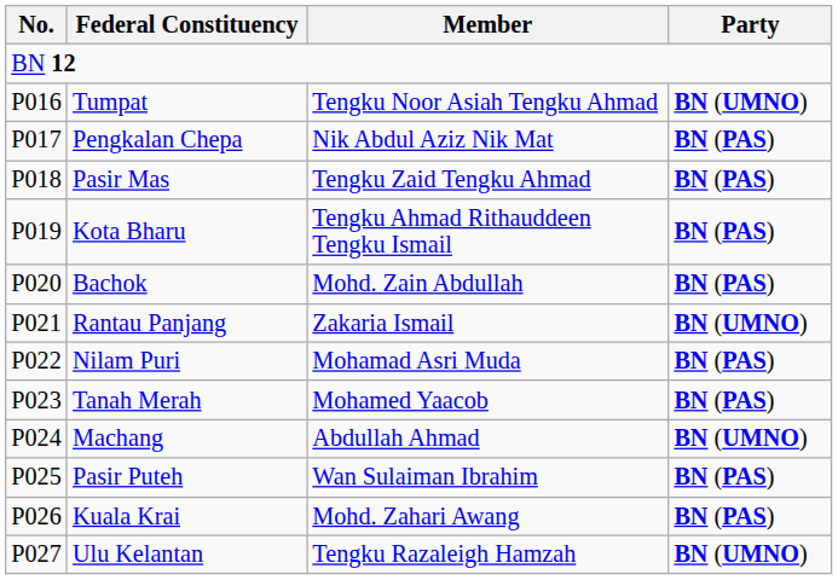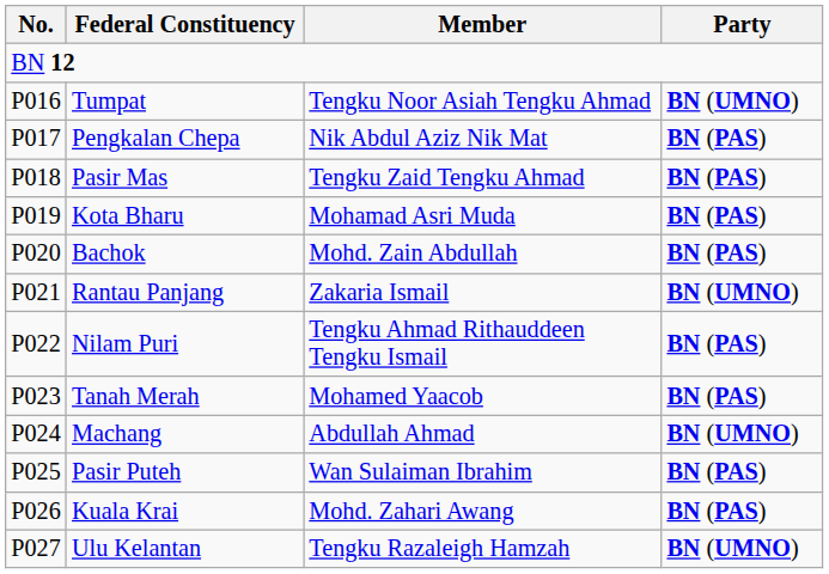 <table class="wikitable sortable">
 <tr>
 <th style="width:30px;">No.</th>
 <th style="width:150px;">Federal Constituency</th>
 <th style="width:230px;">Member</th>
 <th style="width:100px;">Party</th>
 </tr>
 <tr>
 <td colspan="4"><a href='#'>BN</a> <strong>12</strong></td>
 </tr>
 <tr>
 <td>P016</td>
 <td><a href='#'>Tumpat</a></td>
 <td><a href='#'>Tengku Noor Asiah Tengku Ahmad</a></td>
 <td><strong><a href='#'>BN</a></strong> (<strong><a href='#'>UMNO</a></strong>)</td>
 </tr>
 <tr>
 <td>P017</td>
 <td><a href='#'>Pengkalan Chepa</a></td>
 <td><a href='#'>Nik Abdul Aziz Nik Mat</a></td>
 <td><strong><a href='#'>BN</a></strong> (<strong><a href='#'>PAS</a></strong>)</td>
 </tr>
 <tr>
 <td>P018</td>
 <td><a href='#'>Pasir Mas</a></td>
 <td><a href='#'>Tengku Zaid Tengku Ahmad</a></td>
 <td><strong><a href='#'>BN</a></strong> (<strong><a href='#'>PAS</a></strong>)</td>
 </tr>
 <tr>
 <td>P019</td>
 <td><a href='#'>Kota Bharu</a></td>
-<td><a href='#'>Tengku Ahmad Rithauddeen Tengku Ismail</a></td>
+<td><a href='#'>Mohamad Asri Muda</a></td>
 <td><strong><a href='#'>BN</a></strong> (<strong><a href='#'>PAS</a></strong>)</td>
 </tr>
 <tr>
 <td>P020</td>
 <td><a href='#'>Bachok</a></td>
 <td><a href='#'>Mohd. Zain Abdullah</a></td>
 <td><strong><a href='#'>BN</a></strong> (<strong><a href='#'>PAS</a></strong>)</td>
 </tr>
 <tr>
 <td>P021</td>
 <td><a href='#'>Rantau Panjang</a></td>
 <td><a href='#'>Zakaria Ismail</a></td>
 <td><strong><a href='#'>BN</a></strong> (<strong><a href='#'>UMNO</a></strong>)</td>
 </tr>
 <tr>
 <td>P022</td>
 <td><a href='#'>Nilam Puri</a></td>
-<td><a href='#'>Mohamad Asri Muda</a></td>
+<td><a href='#'>Tengku Ahmad Rithauddeen Tengku Ismail</a></td>
 <td><strong><a href='#'>BN</a></strong> (<strong><a href='#'>PAS</a></strong>)</td>
 </tr>
 <tr>
 <td>P023</td>
 <td><a href='#'>Tanah Merah</a></td>
 <td><a href='#'>Mohamed Yaacob</a></td>
 <td><strong><a href='#'>BN</a></strong> (<strong><a href='#'>PAS</a></strong>)</td>
 </tr>
 <tr>
 <td>P024</td>
 <td><a href='#'>Machang</a></td>
 <td><a href='#'>Abdullah Ahmad</a></td>
 <td><strong><a href='#'>BN</a></strong> (<strong><a href='#'>UMNO</a></strong>)</td>
 </tr>
 <tr>
 <td>P025</td>
 <td><a href='#'>Pasir Puteh</a></td>
 <td><a href='#'>Wan Sulaiman Ibrahim</a></td>
 <td><strong><a href='#'>BN</a></strong> (<strong><a href='#'>PAS</a></strong>)</td>
 </tr>
 <tr>
 <td>P026</td>
 <td><a href='#'>Kuala Krai</a></td>
 <td><a href='#'>Mohd. Zahari Awang</a></td>
 <td><strong><a href='#'>BN</a></strong> (<strong><a href='#'>PAS</a></strong>)</td>
 </tr>
 <tr>
 <td>P027</td>
 <td><a href='#'>Ulu Kelantan</a></td>
 <td><a href='#'>Tengku Razaleigh Hamzah</a></td>
 <td><strong><a href='#'>BN</a></strong> (<strong><a href='#'>UMNO</a></strong>)</td>
 </tr>
 </table>
